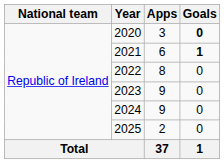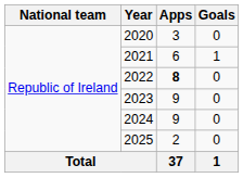 <table class=wikitable style=text-align:center>
 <tr>
 <th>National team</th>
 <th>Year</th>
 <th>Apps</th>
 <th>Goals</th>
 </tr>
 <tr>
 <td rowspan="6"><a href='#'>Republic of Ireland</a></td>
 <td>2020</td>
 <td>3</td>
-<td><strong>0</strong></td>
+<td>0</td>
 </tr>
 <tr>
 <td>2021</td>
 <td>6</td>
-<td><strong>1</strong></td>
+<td>1</td>
 </tr>
 <tr>
 <td>2022</td>
-<td>8</td>
+<td><strong>8</strong></td>
 <td>0</td>
 </tr>
 <tr>
 <td>2023</td>
 <td>9</td>
 <td>0</td>
 </tr>
 <tr>
 <td>2024</td>
 <td>9</td>
 <td>0</td>
 </tr>
 <tr>
 <td>2025</td>
 <td>2</td>
 <td>0</td>
 </tr>
 <tr>
 <th colspan="2">Total</th>
 <th>37</th>
 <th>1</th>
 </tr>
 </table>
